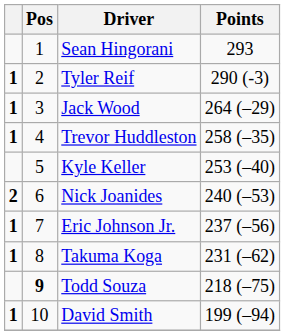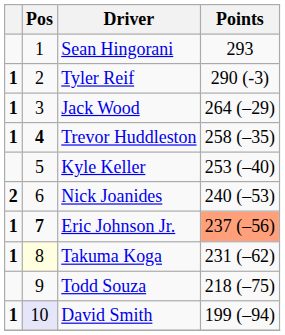 <table class="wikitable" style="font-size: 95%;">
 <tr>
 <th></th>
 <th>Pos</th>
 <th>Driver</th>
 <th>Points</th>
 </tr>
 <tr>
 <td align="left"></td>
 <td style="text-align:center;">1</td>
 <td><a href='#'>Sean Hingorani</a></td>
 <td style="text-align:center;">293</td>
 </tr>
 <tr>
 <td align="left"> <strong>1</strong></td>
 <td style="text-align:center;">2</td>
 <td><a href='#'>Tyler Reif</a></td>
 <td style="text-align:center;">290 (-3)</td>
 </tr>
 <tr>
 <td align="left"> <strong>1</strong></td>
 <td style="text-align:center;">3</td>
 <td><a href='#'>Jack Wood</a></td>
 <td style="text-align:center;">264 (–29)</td>
 </tr>
 <tr>
 <td align="left"> <strong>1</strong></td>
-<td style="text-align:center;">4</td>
+<td style="text-align:center;"><strong>4</strong></td>
 <td><a href='#'>Trevor Huddleston</a></td>
 <td style="text-align:center;">258 (–35)</td>
 </tr>
 <tr>
 <td align="left"></td>
 <td style="text-align:center;">5</td>
 <td><a href='#'>Kyle Keller</a></td>
 <td style="text-align:center;">253 (–40)</td>
 </tr>
 <tr>
 <td align="left"> <strong>2</strong></td>
 <td style="text-align:center;">6</td>
 <td><a href='#'>Nick Joanides</a></td>
 <td style="text-align:center;">240 (–53)</td>
 </tr>
 <tr>
 <td align="left"> <strong>1</strong></td>
-<td style="text-align:center;">7</td>
+<td style="text-align:center;"><strong>7</strong></td>
 <td><a href='#'>Eric Johnson Jr.</a></td>
-<td style="text-align:center;">237 (–56)</td>
+<td style="background: lightsalmon; text-align:center;">237 (–56)</td>
 </tr>
 <tr>
 <td align="left"> <strong>1</strong></td>
-<td style="text-align:center;">8</td>
+<td style="background: lightyellow; text-align:center;">8</td>
 <td><a href='#'>Takuma Koga</a></td>
 <td style="text-align:center;">231 (–62)</td>
 </tr>
 <tr>
 <td align="left"></td>
-<td style="text-align:center;"><strong>9</strong></td>
+<td style="text-align:center;">9</td>
 <td><a href='#'>Todd Souza</a></td>
 <td style="text-align:center;">218 (–75)</td>
 </tr>
 <tr>
 <td align="left"> <strong>1</strong></td>
-<td style="text-align:center;">10</td>
+<td style="background: lavender; text-align:center;">10</td>
 <td><a href='#'>David Smith</a></td>
 <td style="text-align:center;">199 (–94)</td>
 </tr>
 <tr class="sortbottom">
 </tr>
 </table>
